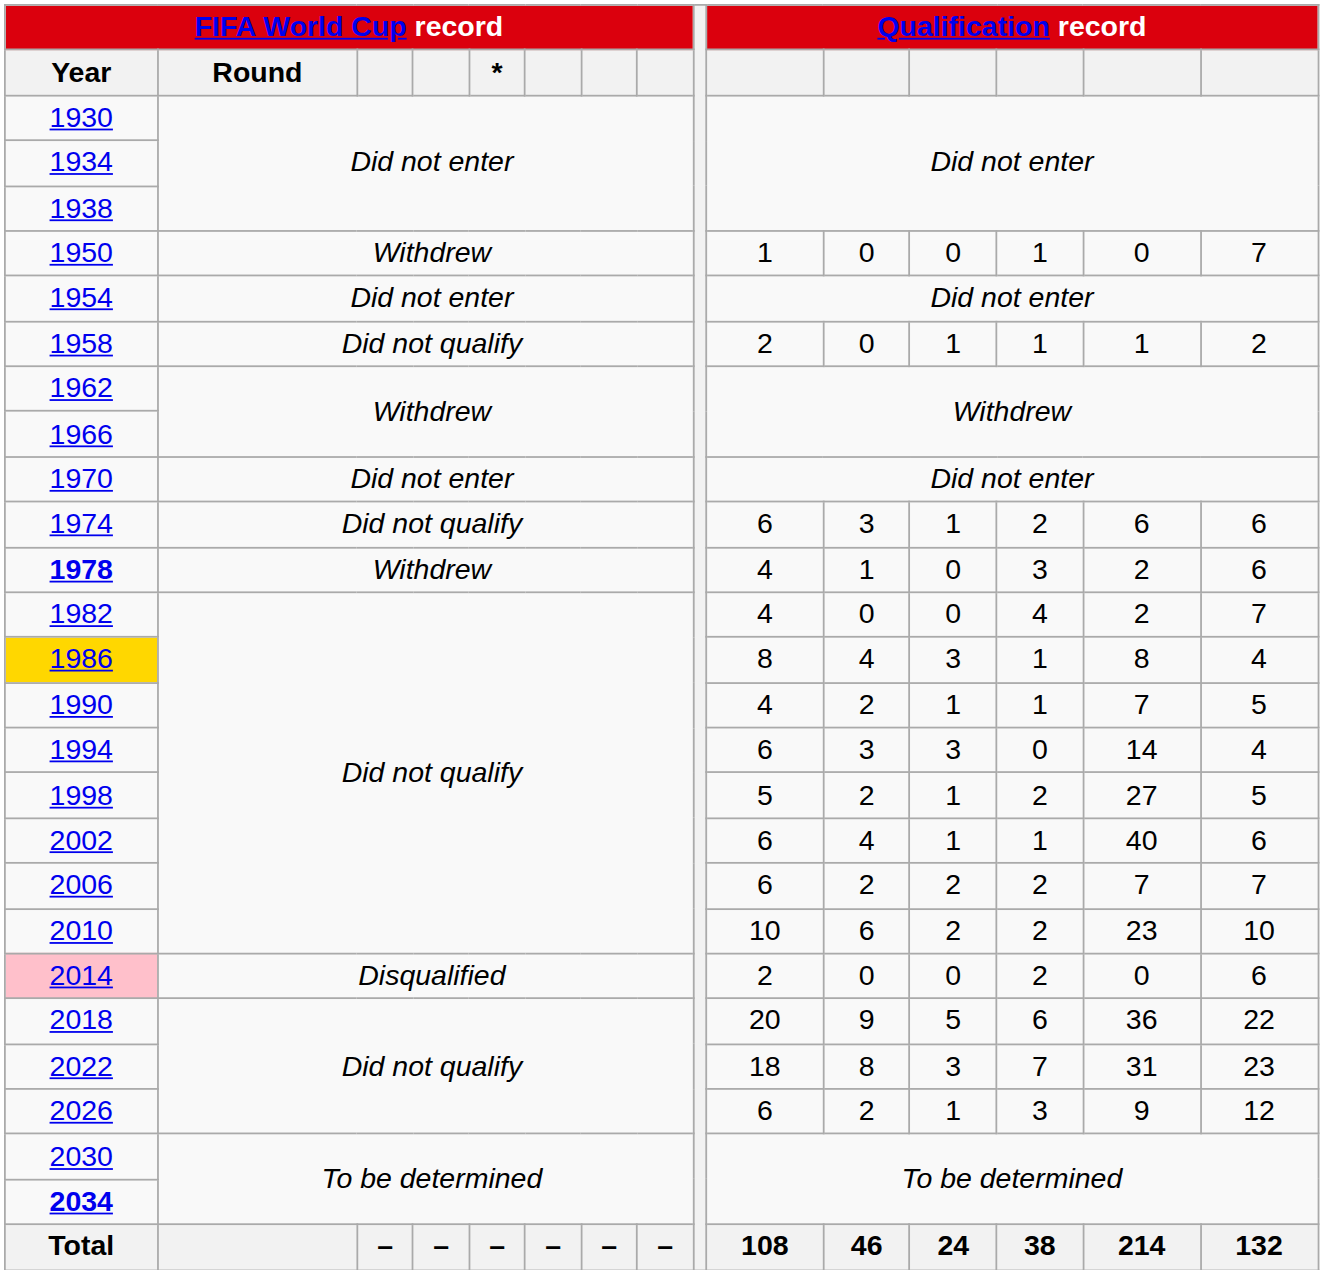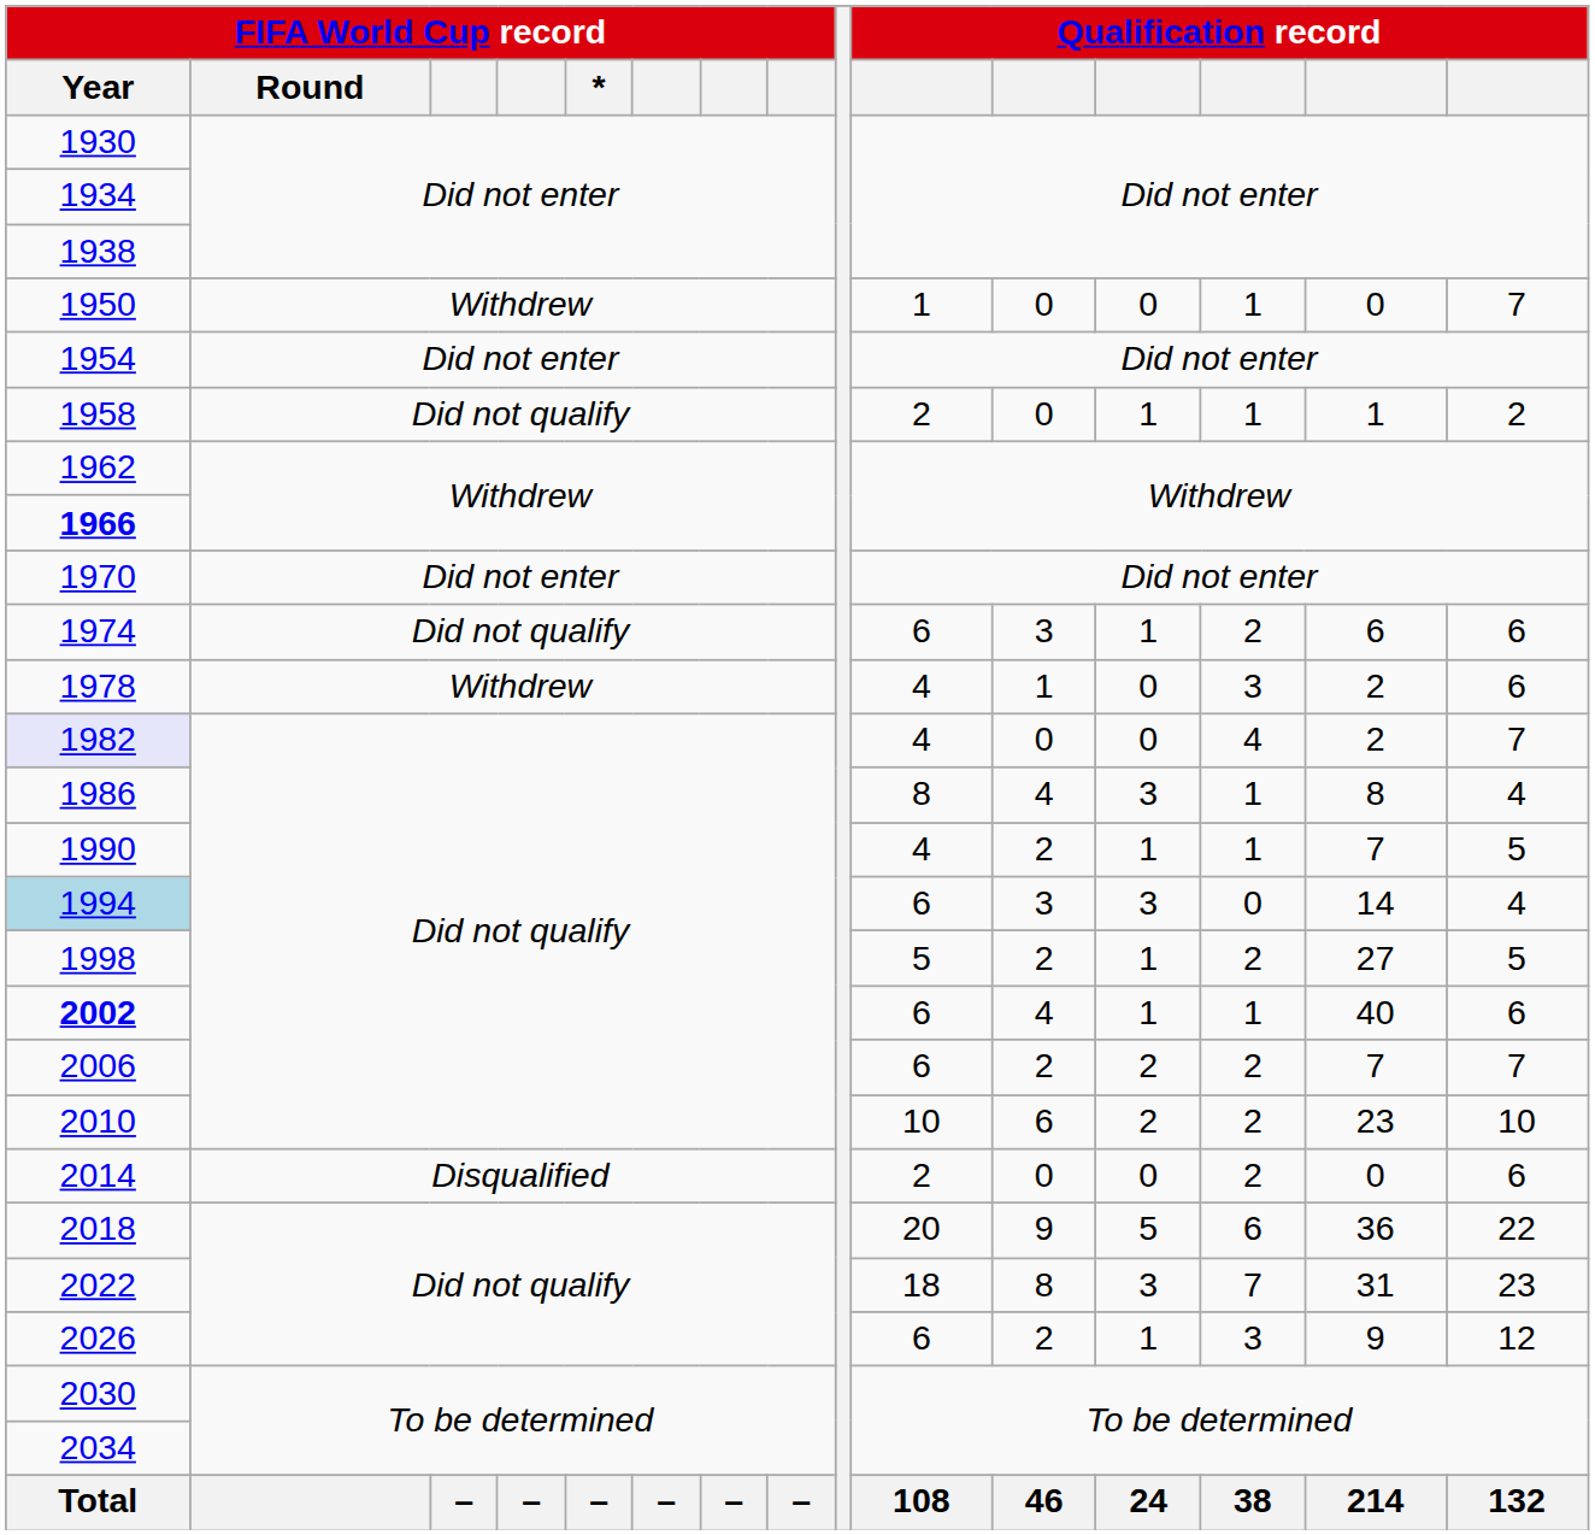 <table class="wikitable" style="text-align: center;">
 <tr>
 <th colspan="8" style="background: #db000d; color: #FFFFFF;"><a href='#'>FIFA World Cup</a> record</th>
 <th style="width:1%;" rowspan="39"></th>
 <th colspan=6 style="background: #db000d; color: #FFFFFF;"><a href='#'>Qualification</a> record</th>
 </tr>
 <tr>
 <th>Year</th>
 <th>Round</th>
 <th></th>
 <th></th>
 <th>*</th>
 <th></th>
 <th></th>
 <th></th>
 <th></th>
 <th></th>
 <th></th>
 <th></th>
 <th></th>
 <th></th>
 </tr>
 <tr>
 <td> <a href='#'>1930</a></td>
 <td colspan=8 rowspan=3><em>Did not enter</em></td>
 <td colspan=6 rowspan=3><em>Did not enter</em></td>
 </tr>
 <tr>
 <td> <a href='#'>1934</a></td>
 </tr>
 <tr>
 <td> <a href='#'>1938</a></td>
 </tr>
 <tr>
 <td> <a href='#'>1950</a></td>
 <td colspan=8><em>Withdrew</em></td>
 <td>1</td>
 <td>0</td>
 <td>0</td>
 <td>1</td>
 <td>0</td>
 <td>7</td>
 </tr>
 <tr>
 <td> <a href='#'>1954</a></td>
 <td colspan=8><em>Did not enter</em></td>
 <td colspan=8><em>Did not enter</em></td>
 </tr>
 <tr>
 <td> <a href='#'>1958</a></td>
 <td colspan=8><em>Did not qualify</em></td>
 <td>2</td>
 <td>0</td>
 <td>1</td>
 <td>1</td>
 <td>1</td>
 <td>2</td>
 </tr>
 <tr>
 <td> <a href='#'>1962</a></td>
 <td colspan=8 rowspan=2><em>Withdrew</em></td>
 <td colspan=6 rowspan=2><em>Withdrew</em></td>
 </tr>
 <tr>
-<td> <a href='#'>1966</a></td>
+<td><strong> <a href='#'>1966</a></strong></td>
 </tr>
 <tr>
 <td> <a href='#'>1970</a></td>
 <td colspan=8><em>Did not enter</em></td>
 <td colspan=8><em>Did not enter</em></td>
 </tr>
 <tr>
 <td> <a href='#'>1974</a></td>
 <td colspan=8><em>Did not qualify</em></td>
 <td>6</td>
 <td>3</td>
 <td>1</td>
 <td>2</td>
 <td>6</td>
 <td>6</td>
 </tr>
 <tr>
-<td><strong> <a href='#'>1978</a></strong></td>
+<td> <a href='#'>1978</a></td>
 <td colspan=8><em>Withdrew</em></td>
 <td>4</td>
 <td>1</td>
 <td>0</td>
 <td>3</td>
 <td>2</td>
 <td>6</td>
 </tr>
 <tr>
-<td> <a href='#'>1982</a></td>
+<td style="background: lavender;"> <a href='#'>1982</a></td>
 <td colspan=8 rowspan=8><em>Did not qualify</em></td>
 <td>4</td>
 <td>0</td>
 <td>0</td>
 <td>4</td>
 <td>2</td>
 <td>7</td>
 </tr>
 <tr>
-<td style="background: gold;"> <a href='#'>1986</a></td>
+<td> <a href='#'>1986</a></td>
 <td>8</td>
 <td>4</td>
 <td>3</td>
 <td>1</td>
 <td>8</td>
 <td>4</td>
 </tr>
 <tr>
 <td> <a href='#'>1990</a></td>
 <td>4</td>
 <td>2</td>
 <td>1</td>
 <td>1</td>
 <td>7</td>
 <td>5</td>
 </tr>
 <tr>
-<td> <a href='#'>1994</a></td>
+<td style="background: lightblue;"> <a href='#'>1994</a></td>
 <td>6</td>
 <td>3</td>
 <td>3</td>
 <td>0</td>
 <td>14</td>
 <td>4</td>
 </tr>
 <tr>
 <td> <a href='#'>1998</a></td>
 <td>5</td>
 <td>2</td>
 <td>1</td>
 <td>2</td>
 <td>27</td>
 <td>5</td>
 </tr>
 <tr>
-<td>  <a href='#'>2002</a></td>
+<td><strong>  <a href='#'>2002</a></strong></td>
 <td>6</td>
 <td>4</td>
 <td>1</td>
 <td>1</td>
 <td>40</td>
 <td>6</td>
 </tr>
 <tr>
 <td> <a href='#'>2006</a></td>
 <td>6</td>
 <td>2</td>
 <td>2</td>
 <td>2</td>
 <td>7</td>
 <td>7</td>
 </tr>
 <tr>
 <td> <a href='#'>2010</a></td>
 <td>10</td>
 <td>6</td>
 <td>2</td>
 <td>2</td>
 <td>23</td>
 <td>10</td>
 </tr>
 <tr>
-<td style="background: pink;"> <a href='#'>2014</a></td>
+<td> <a href='#'>2014</a></td>
 <td colspan=8><em>Disqualified</em></td>
 <td>2</td>
 <td>0</td>
 <td>0</td>
 <td>2</td>
 <td>0</td>
 <td>6</td>
 </tr>
 <tr>
 <td> <a href='#'>2018</a></td>
 <td colspan=8 rowspan=3><em>Did not qualify</em></td>
 <td>20</td>
 <td>9</td>
 <td>5</td>
 <td>6</td>
 <td>36</td>
 <td>22</td>
 </tr>
 <tr>
 <td> <a href='#'>2022</a></td>
 <td>18</td>
 <td>8</td>
 <td>3</td>
 <td>7</td>
 <td>31</td>
 <td>23</td>
 </tr>
 <tr>
 <td>   <a href='#'>2026</a></td>
 <td>6</td>
 <td>2</td>
 <td>1</td>
 <td>3</td>
 <td>9</td>
 <td>12</td>
 </tr>
 <tr>
 <td>   <a href='#'>2030</a></td>
 <td colspan=8 rowspan=2><em>To be determined</em></td>
 <td colspan=6 rowspan=2><em>To be determined</em></td>
 </tr>
 <tr>
-<td><strong> <a href='#'>2034</a></strong></td>
+<td> <a href='#'>2034</a></td>
 </tr>
 <tr>
 <th>Total</th>
 <th></th>
 <th>–</th>
 <th>–</th>
 <th>–</th>
 <th>–</th>
 <th>–</th>
 <th>–</th>
 <th>108</th>
 <th>46</th>
 <th>24</th>
 <th>38</th>
 <th>214</th>
 <th>132</th>
 </tr>
 </table>
